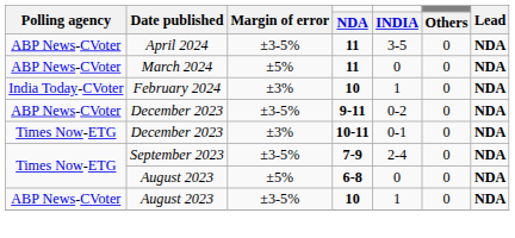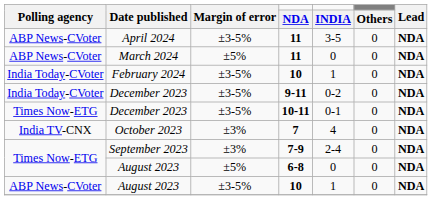 <table class="wikitable sortable" style="text-align:center;font-size:95%;line-height:16px">
 <tr>
 <th rowspan="2">Polling agency</th>
 <th rowspan="2">Date published</th>
 <th rowspan="2">Margin of error</th>
 <td bgcolor=></td>
 <td bgcolor=></td>
 <td bgcolor=grey></td>
 <th rowspan="2">Lead</th>
 </tr>
 <tr>
 <th><a href='#'>NDA</a></th>
 <th><a href='#'>INDIA</a></th>
 <th>Others</th>
 </tr>
 <tr>
 <td><a href='#'>ABP News</a>-<a href='#'>CVoter</a></td>
 <td><em>April 2024</em></td>
 <td>±3-5%</td>
 <td bgcolor=><strong>11</strong></td>
 <td>3-5</td>
 <td>0</td>
 <td bgcolor=><strong>NDA</strong></td>
 </tr>
 <tr>
 <td><a href='#'>ABP News</a>-<a href='#'>CVoter</a></td>
 <td><em>March 2024</em></td>
 <td>±5%</td>
 <td bgcolor=><strong>11</strong></td>
 <td>0</td>
 <td>0</td>
 <td bgcolor=><strong>NDA</strong></td>
 </tr>
 <tr>
 <td><a href='#'>India Today</a>-<a href='#'>CVoter</a></td>
 <td><em>February 2024</em></td>
-<td>±3%</td>
+<td>±3-5%</td>
 <td bgcolor=><strong>10</strong></td>
 <td>1</td>
 <td>0</td>
 <td bgcolor=><strong>NDA</strong></td>
 </tr>
 <tr>
-<td><a href='#'>ABP News</a>-<a href='#'>CVoter</a></td>
+<td><a href='#'>India Today</a>-<a href='#'>CVoter</a></td>
 <td><em>December 2023</em></td>
 <td>±3-5%</td>
 <td bgcolor=><strong>9-11</strong></td>
 <td>0-2</td>
 <td>0</td>
 <td bgcolor=><strong>NDA</strong></td>
 </tr>
 <tr>
 <td><a href='#'>Times Now</a>-<a href='#'>ETG</a></td>
 <td><em>December 2023</em></td>
-<td>±3%</td>
+<td>±3-5%</td>
 <td bgcolor=><strong>10-11</strong></td>
 <td>0-1</td>
 <td>0</td>
 <td bgcolor=><strong>NDA</strong></td>
 </tr>
 <tr>
+<td><a href='#'>India TV</a>-CNX</td>
+<td><em>October 2023</em></td>
+<td>±3%</td>
+<td bgcolor=><strong>7</strong></td>
+<td>4</td>
+<td>0</td>
+<td bgcolor=><strong>NDA</strong></td>
+</tr>
+<tr>
 <td rowspan="2"><a href='#'>Times Now</a>-<a href='#'>ETG</a></td>
 <td><em>September 2023</em></td>
-<td>±3-5%</td>
+<td>±3%</td>
 <td bgcolor=><strong>7-9</strong></td>
 <td>2-4</td>
 <td>0</td>
 <td bgcolor=><strong>NDA</strong></td>
 </tr>
 <tr>
 <td><em>August 2023</em></td>
 <td>±5%</td>
 <td bgcolor=><strong>6-8</strong></td>
 <td>0</td>
 <td>0</td>
 <td bgcolor=><strong>NDA</strong></td>
 </tr>
 <tr>
 <td><a href='#'>ABP News</a>-<a href='#'>CVoter</a></td>
 <td><em>August 2023</em></td>
 <td>±3-5%</td>
 <td><strong>10</strong></td>
 <td>1</td>
 <td>0</td>
 <td><strong>NDA</strong></td>
 </tr>
 <tr>
 </tr>
 </table>
